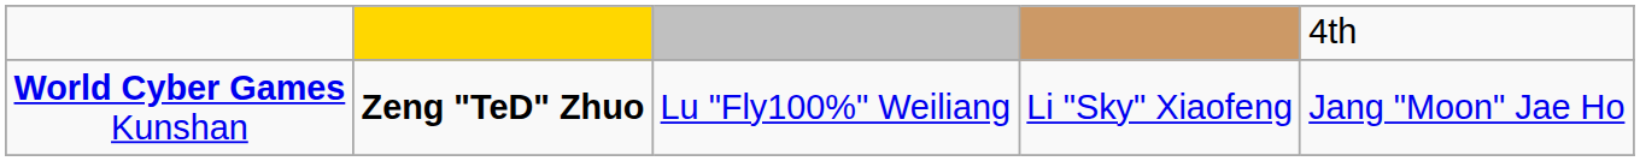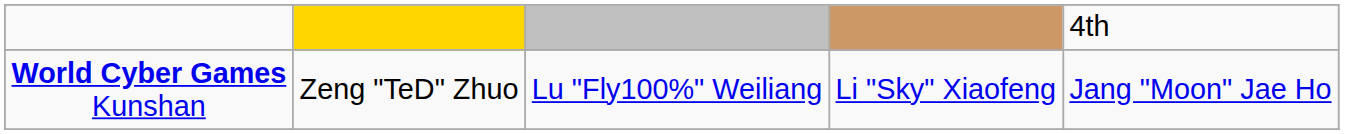 <table class="wikitable" style="text-align:left">
 <tr>
 <td style="text-align:center"></td>
 <td style="text-align:center; background:gold;"></td>
 <td style="text-align:center; background:silver;"></td>
 <td style="text-align:center; background:#c96;"></td>
 <td>4th</td>
 </tr>
 <tr>
 <td style="text-align:center"><strong><a href='#'>World Cyber Games</a></strong><br> <a href='#'>Kunshan</a></td>
-<td><strong>  Zeng "TeD" Zhuo</strong></td>
+<td>  Zeng "TeD" Zhuo</td>
 <td> <a href='#'>Lu "Fly100%" Weiliang</a></td>
 <td> <a href='#'>Li "Sky" Xiaofeng</a></td>
 <td> <a href='#'>Jang "Moon" Jae Ho</a></td>
 </tr>
 </table>
